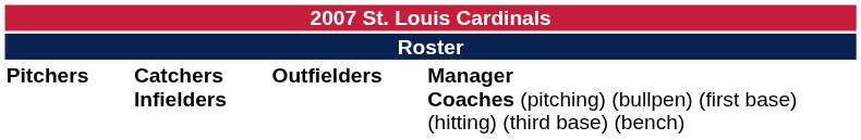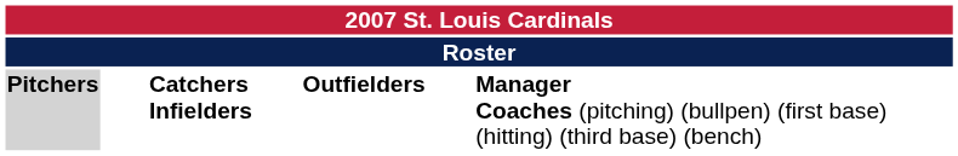 <table class="toccolours" style="font-size: 95%;">
 <tr>
 <th colspan="10" style="background:#c41e3a; color:#fff; text-align:center;">2007 St. Louis Cardinals</th>
 </tr>
 <tr>
 <td colspan="10" style="background:#0a2252; color:#fff; text-align:center;"><strong>Roster</strong></td>
 </tr>
 <tr>
-<td valign="top"><strong>Pitchers</strong><br>                      </td>
+<td valign="top" style="background: lightgrey;"><strong>Pitchers</strong><br>                      </td>
 <td style="width:25px;"></td>
 <td valign="top"><strong>Catchers</strong><br>    <strong>Infielders</strong>          </td>
 <td style="width:25px;"></td>
 <td valign="top"><strong>Outfielders</strong><br>       </td>
 <td style="width:25px;"></td>
 <td valign="top"><strong>Manager</strong><br> <strong>Coaches</strong>  (pitching)  (bullpen)  (first base)  (hitting)  (third base)  (bench)</td>
 </tr>
 </table>
